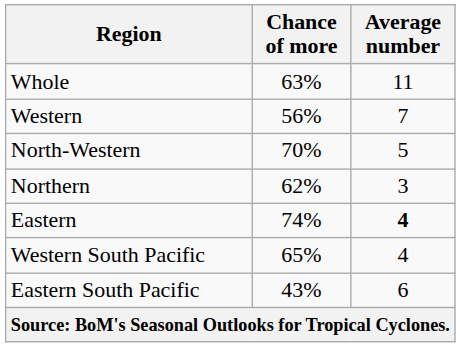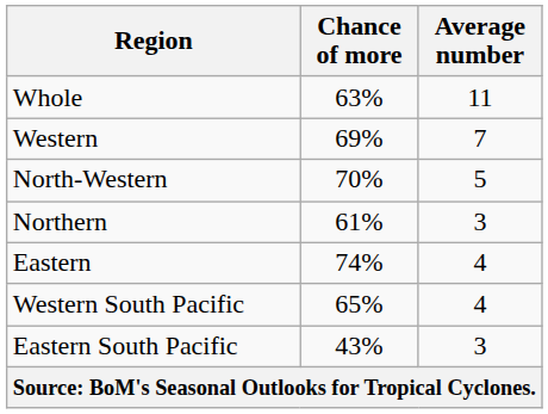 <table class="wikitable" align="right" style="margin:0 0 0.5em 1em;">
 <tr>
 <th>Region</th>
 <th>Chance<br>of more</th>
 <th>Average<br>number</th>
 </tr>
 <tr>
 <td>Whole</td>
 <td style="text-align:center;">63%</td>
 <td style="text-align:center;">11</td>
 </tr>
 <tr>
 <td>Western</td>
-<td style="text-align:center;">56%</td>
+<td style="text-align:center;">69%</td>
 <td style="text-align:center;">7</td>
 </tr>
 <tr>
 <td>North-Western</td>
 <td style="text-align:center;">70%</td>
 <td style="text-align:center;">5</td>
 </tr>
 <tr>
 <td>Northern</td>
-<td style="text-align:center;">62%</td>
+<td style="text-align:center;">61%</td>
 <td style="text-align:center;">3</td>
 </tr>
 <tr>
 <td>Eastern</td>
 <td style="text-align:center;">74%</td>
-<td style="text-align:center;"><strong>4</strong></td>
+<td style="text-align:center;">4</td>
 </tr>
 <tr>
 <td>Western South Pacific</td>
 <td style="text-align:center;">65%</td>
 <td style="text-align:center;">4</td>
 </tr>
 <tr>
 <td>Eastern South Pacific</td>
 <td style="text-align:center;">43%</td>
-<td style="text-align:center;">6</td>
+<td style="text-align:center;">3</td>
 </tr>
 <tr>
 <th colspan="5"><small>Source: BoM's Seasonal Outlooks for Tropical Cyclones.</small></th>
 </tr>
 </table>
